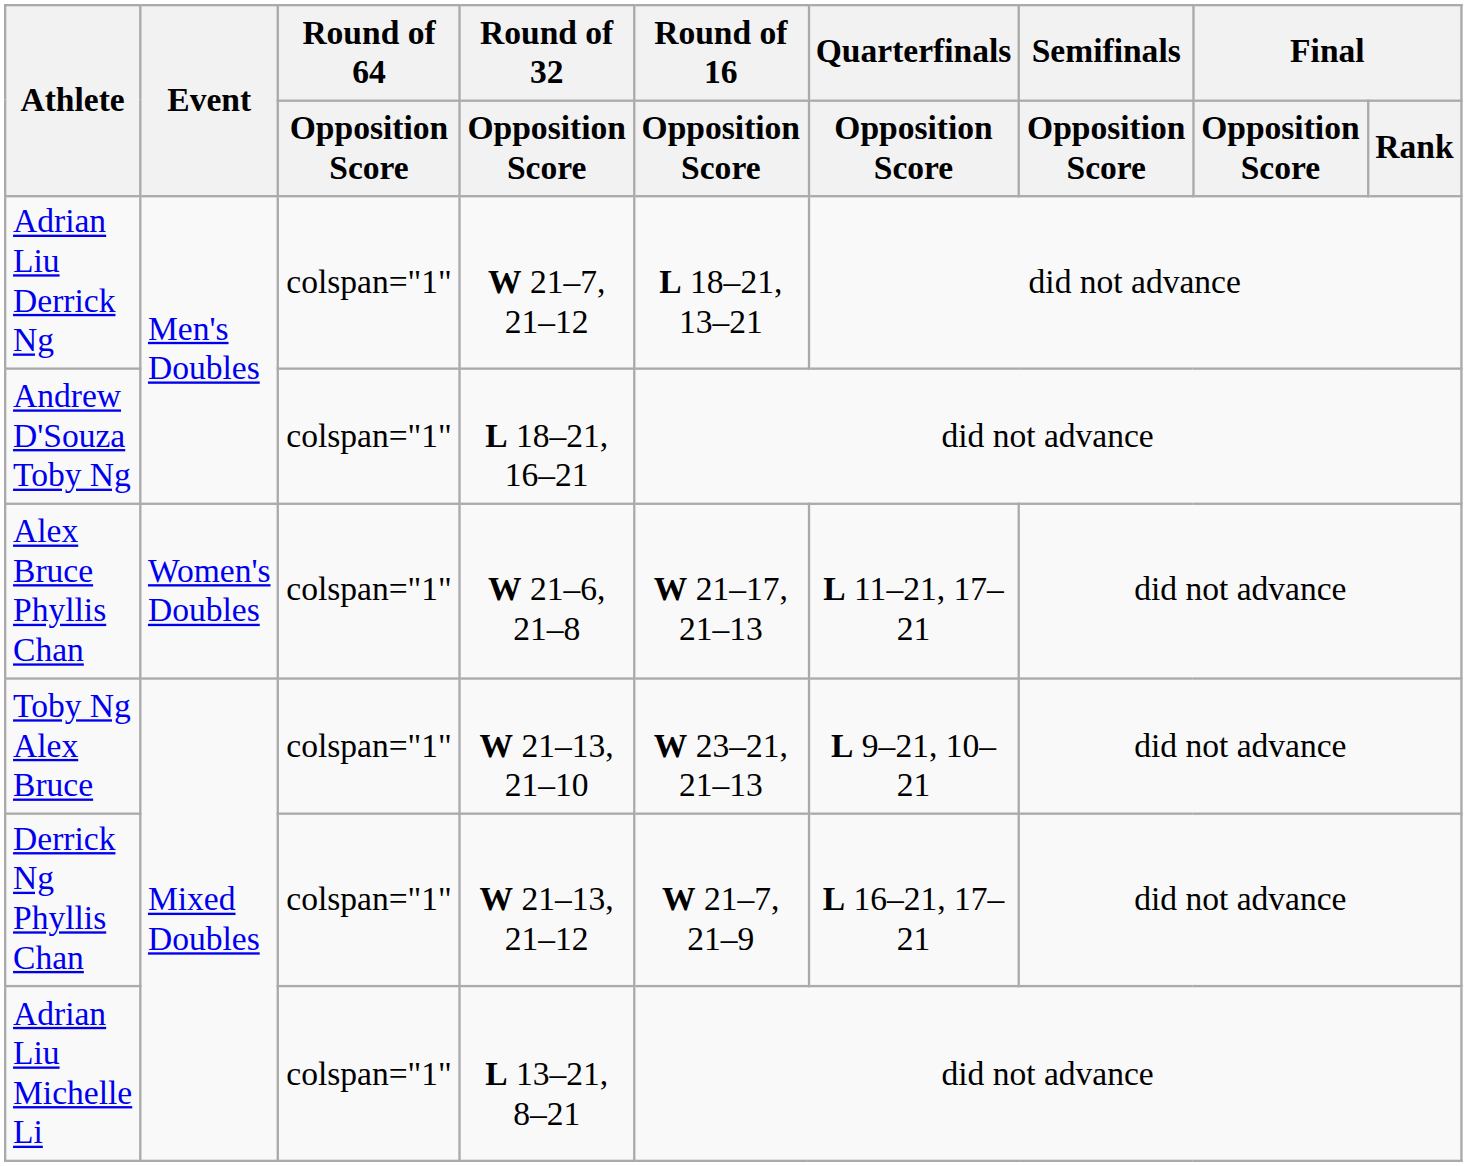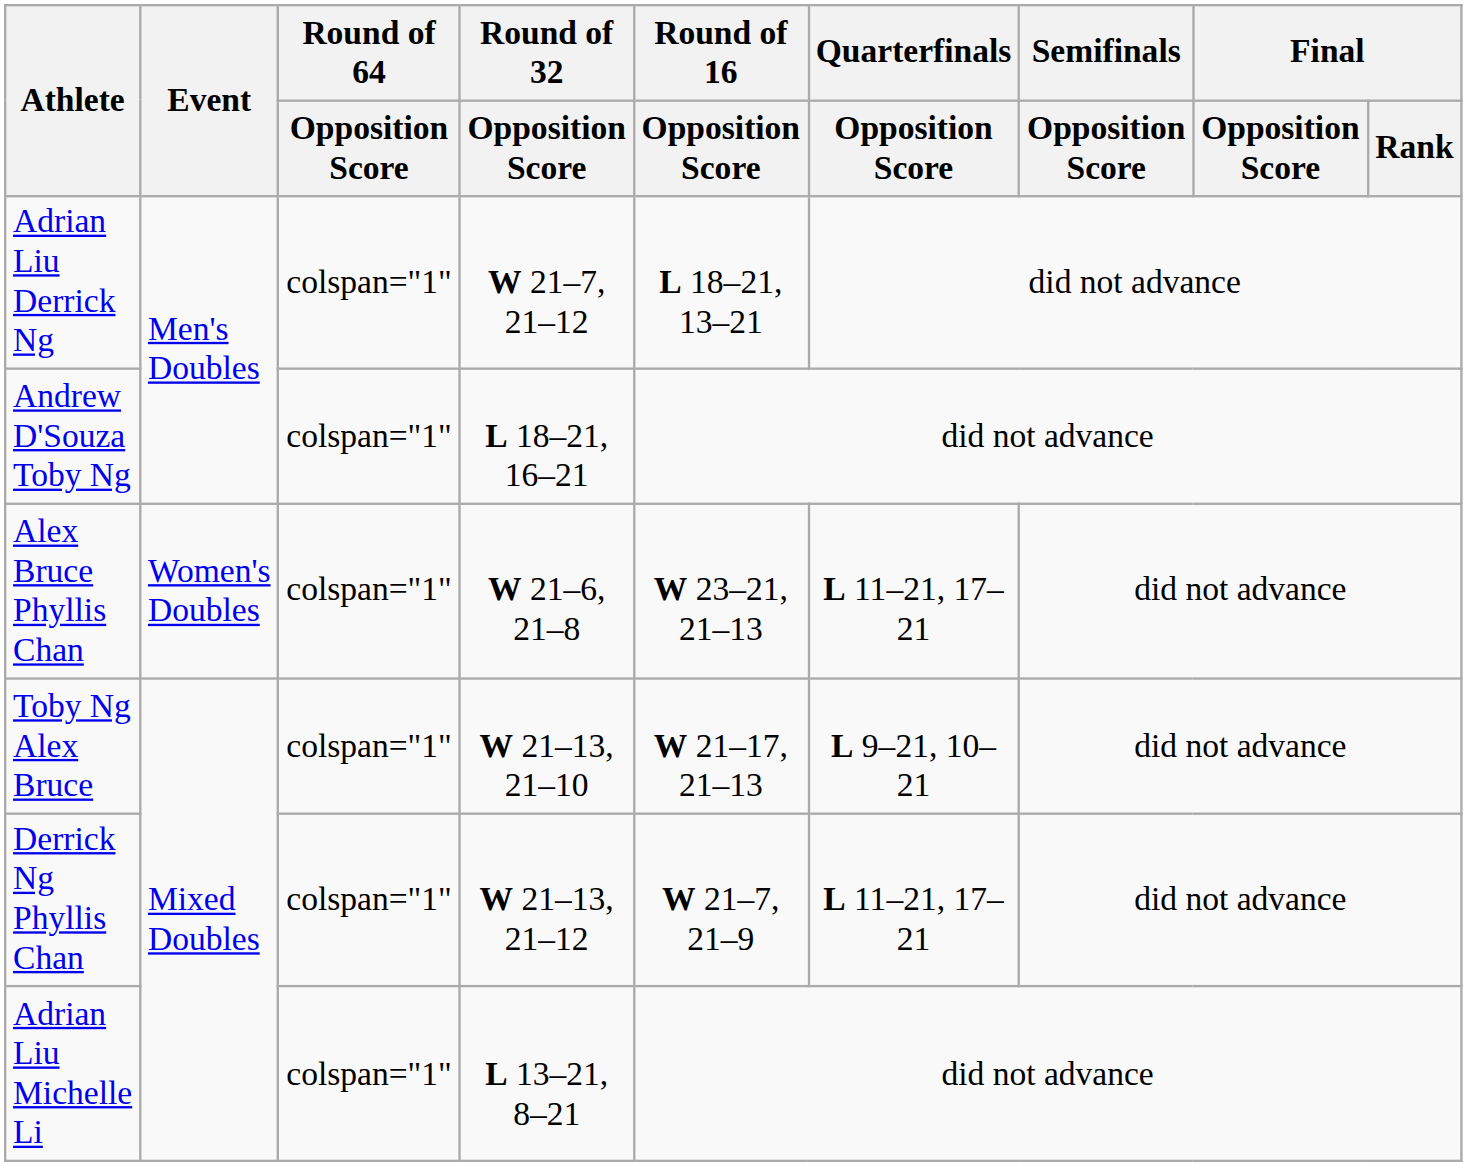 <table class=wikitable style="font-size:90%">
 <tr>
 <th rowspan="2">Athlete</th>
 <th rowspan="2">Event</th>
 <th>Round of 64</th>
 <th>Round of 32</th>
 <th>Round of 16</th>
 <th>Quarterfinals</th>
 <th>Semifinals</th>
 <th colspan="2">Final</th>
 </tr>
 <tr>
 <th>Opposition<br>Score</th>
 <th>Opposition<br>Score</th>
 <th>Opposition<br>Score</th>
 <th>Opposition<br>Score</th>
 <th>Opposition<br>Score</th>
 <th>Opposition<br>Score</th>
 <th>Rank</th>
 </tr>
 <tr align=center>
 <td align=left><a href='#'>Adrian Liu</a> <br> <a href='#'>Derrick Ng</a></td>
 <td align=left rowspan="2"><a href='#'>Men's Doubles</a></td>
 <td>colspan="1" </td>
 <td><br> <strong>W</strong> 21–7, 21–12</td>
 <td><br> <strong>L</strong> 18–21, 13–21</td>
 <td colspan="4">did not advance</td>
 </tr>
 <tr align=center>
 <td align=left><a href='#'>Andrew D'Souza</a> <br> <a href='#'>Toby Ng</a></td>
 <td>colspan="1" </td>
 <td><br><strong>L</strong> 18–21, 16–21</td>
 <td colspan="5">did not advance</td>
 </tr>
 <tr align=center>
 <td align=left><a href='#'>Alex Bruce</a> <br> <a href='#'>Phyllis Chan</a></td>
 <td align=left><a href='#'>Women's Doubles</a></td>
 <td>colspan="1" </td>
 <td><br><strong>W</strong> 21–6, 21–8</td>
-<td><br><strong>W</strong> 21–17, 21–13</td>
+<td><br> <strong>W</strong> 23–21, 21–13</td>
 <td><br><strong>L</strong> 11–21, 17–21</td>
 <td colspan="3">did not advance</td>
 </tr>
 <tr align=center>
 <td align=left><a href='#'>Toby Ng</a><br><a href='#'>Alex Bruce</a></td>
 <td align=left rowspan="3"><a href='#'>Mixed Doubles</a></td>
 <td>colspan="1" </td>
 <td><br><strong>W</strong> 21–13, 21–10</td>
-<td><br> <strong>W</strong> 23–21, 21–13</td>
+<td><br><strong>W</strong> 21–17, 21–13</td>
 <td><br><strong>L</strong> 9–21, 10–21</td>
 <td colspan="3">did not advance</td>
 </tr>
 <tr align=center>
 <td align=left><a href='#'>Derrick Ng</a><br><a href='#'>Phyllis Chan</a></td>
 <td>colspan="1" </td>
 <td><br><strong>W</strong> 21–13, 21–12</td>
 <td><br><strong>W</strong> 21–7, 21–9</td>
-<td><br><strong>L</strong> 16–21, 17–21</td>
+<td><br><strong>L</strong> 11–21, 17–21</td>
 <td colspan="3">did not advance</td>
 </tr>
 <tr align=center>
 <td align=left><a href='#'>Adrian Liu</a><br><a href='#'>Michelle Li</a></td>
 <td>colspan="1" </td>
 <td><br><strong>L</strong> 13–21, 8–21</td>
 <td colspan="5">did not advance</td>
 </tr>
 </table>
